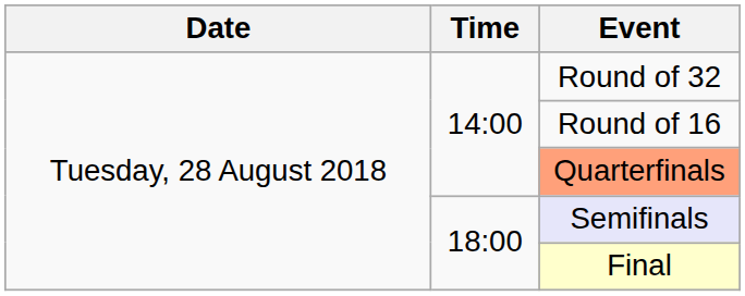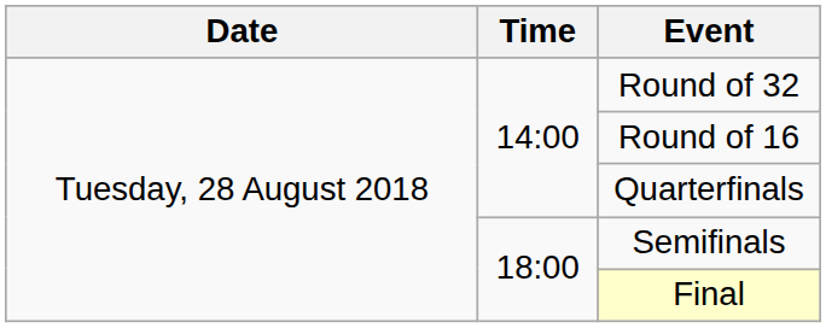 <table class = "wikitable" style="text-align:center;">
 <tr>
 <th width=220>Date</th>
 <th width=50>Time</th>
 <th width=100>Event</th>
 </tr>
 <tr>
 <td rowspan=5>Tuesday, 28 August 2018</td>
 <td rowspan=3>14:00</td>
 <td>Round of 32</td>
 </tr>
 <tr>
 <td>Round of 16</td>
 </tr>
 <tr>
-<td style="background: lightsalmon;">Quarterfinals</td>
+<td>Quarterfinals</td>
 </tr>
 <tr>
 <td rowspan=2>18:00</td>
-<td style="background: lavender;">Semifinals</td>
+<td>Semifinals</td>
 </tr>
 <tr>
 <td bgcolor=ffffcc>Final</td>
 </tr>
 </table>
